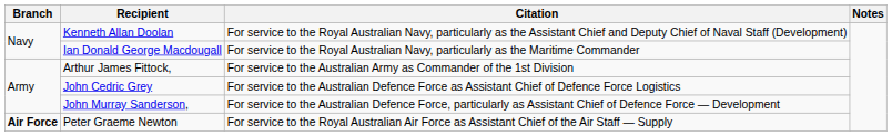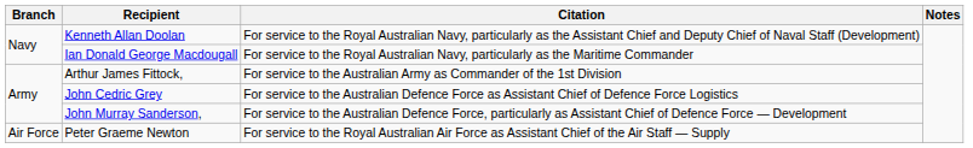 <table class="wikitable" style="font-size:95%;">
 <tr>
 <th>Branch</th>
 <th>Recipient</th>
 <th>Citation</th>
 <th>Notes</th>
 </tr>
 <tr>
 <td rowspan=2>Navy</td>
 <td> <a href='#'>Kenneth Allan Doolan</a></td>
 <td>For service to the Royal Australian Navy, particularly as the Assistant Chief and Deputy Chief of Naval Staff (Development)</td>
 <td rowspan=6></td>
 </tr>
 <tr>
 <td> <a href='#'>Ian Donald George Macdougall</a></td>
 <td>For service to the Royal Australian Navy, particularly as the Maritime Commander</td>
 </tr>
 <tr>
 <td rowspan=3>Army</td>
 <td> Arthur James Fittock, </td>
 <td>For service to the Australian Army as Commander of the 1st Division</td>
 </tr>
 <tr>
 <td> <a href='#'>John Cedric Grey</a></td>
 <td>For service to the Australian Defence Force as Assistant Chief of Defence Force Logistics</td>
 </tr>
 <tr>
 <td> <a href='#'>John Murray Sanderson</a>, </td>
 <td>For service to the Australian Defence Force, particularly as Assistant Chief of Defence Force — Development</td>
 </tr>
 <tr>
-<td><strong>Air Force</strong></td>
+<td>Air Force</td>
 <td> Peter Graeme Newton</td>
 <td>For service to the Royal Australian Air Force as Assistant Chief of the Air Staff — Supply</td>
 </tr>
 </table>
